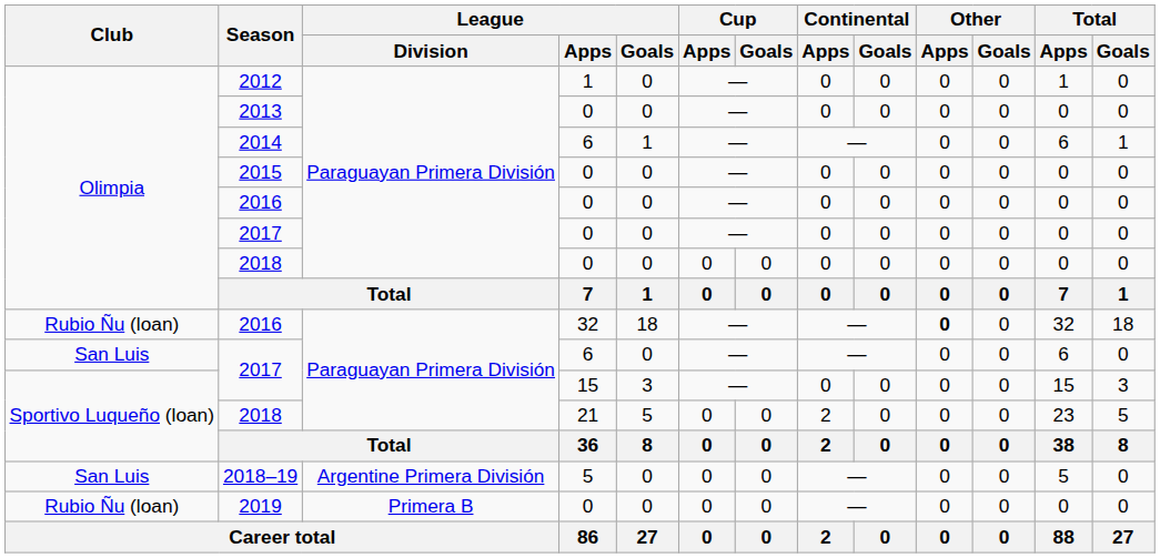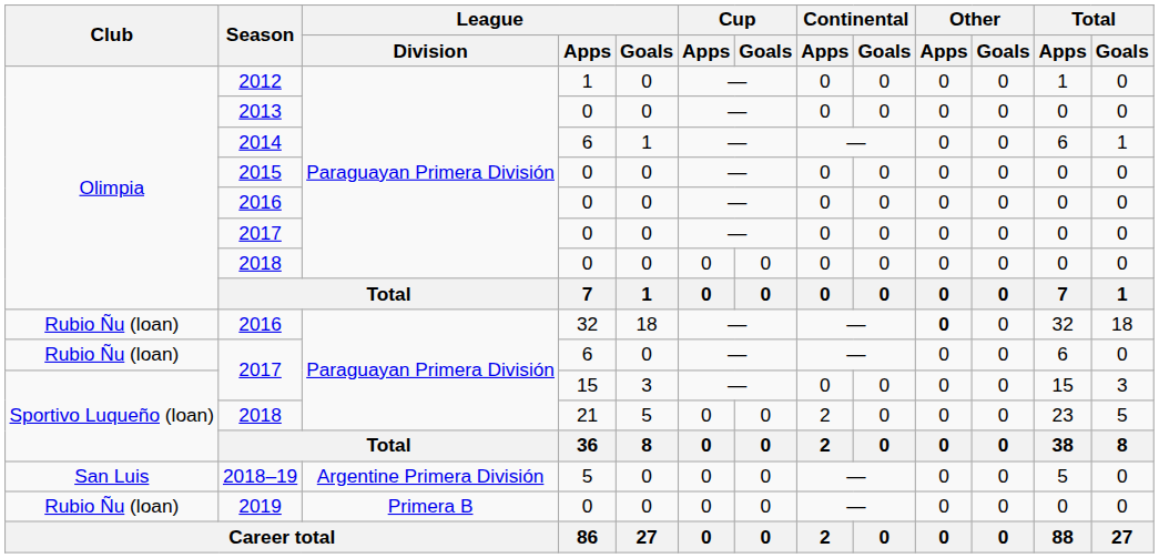 <table class="wikitable" style="text-align:center">
 <tr>
 <th rowspan="2">Club</th>
 <th rowspan="2">Season</th>
 <th colspan="3">League</th>
 <th colspan="2">Cup</th>
 <th colspan="2">Continental</th>
 <th colspan="2">Other</th>
 <th colspan="2">Total</th>
 </tr>
 <tr>
 <th>Division</th>
 <th>Apps</th>
 <th>Goals</th>
 <th>Apps</th>
 <th>Goals</th>
 <th>Apps</th>
 <th>Goals</th>
 <th>Apps</th>
 <th>Goals</th>
 <th>Apps</th>
 <th>Goals</th>
 </tr>
 <tr>
 <td rowspan="8"><a href='#'>Olimpia</a></td>
 <td><a href='#'>2012</a></td>
 <td rowspan="7"><a href='#'>Paraguayan Primera División</a></td>
 <td>1</td>
 <td>0</td>
 <td colspan="2">—</td>
 <td>0</td>
 <td>0</td>
 <td>0</td>
 <td>0</td>
 <td>1</td>
 <td>0</td>
 </tr>
 <tr>
 <td><a href='#'>2013</a></td>
 <td>0</td>
 <td>0</td>
 <td colspan="2">—</td>
 <td>0</td>
 <td>0</td>
 <td>0</td>
 <td>0</td>
 <td>0</td>
 <td>0</td>
 </tr>
 <tr>
 <td><a href='#'>2014</a></td>
 <td>6</td>
 <td>1</td>
 <td colspan="2">—</td>
 <td colspan="2">—</td>
 <td>0</td>
 <td>0</td>
 <td>6</td>
 <td>1</td>
 </tr>
 <tr>
 <td><a href='#'>2015</a></td>
 <td>0</td>
 <td>0</td>
 <td colspan="2">—</td>
 <td>0</td>
 <td>0</td>
 <td>0</td>
 <td>0</td>
 <td>0</td>
 <td>0</td>
 </tr>
 <tr>
 <td><a href='#'>2016</a></td>
 <td>0</td>
 <td>0</td>
 <td colspan="2">—</td>
 <td>0</td>
 <td>0</td>
 <td>0</td>
 <td>0</td>
 <td>0</td>
 <td>0</td>
 </tr>
 <tr>
 <td><a href='#'>2017</a></td>
 <td>0</td>
 <td>0</td>
 <td colspan="2">—</td>
 <td>0</td>
 <td>0</td>
 <td>0</td>
 <td>0</td>
 <td>0</td>
 <td>0</td>
 </tr>
 <tr>
 <td><a href='#'>2018</a></td>
 <td>0</td>
 <td>0</td>
 <td>0</td>
 <td>0</td>
 <td>0</td>
 <td>0</td>
 <td>0</td>
 <td>0</td>
 <td>0</td>
 <td>0</td>
 </tr>
 <tr>
 <th colspan="2">Total</th>
 <th>7</th>
 <th>1</th>
 <th>0</th>
 <th>0</th>
 <th>0</th>
 <th>0</th>
 <th>0</th>
 <th>0</th>
 <th>7</th>
 <th>1</th>
 </tr>
 <tr>
 <td rowspan="1"><a href='#'>Rubio Ñu</a> (loan)</td>
 <td><a href='#'>2016</a></td>
 <td rowspan="4"><a href='#'>Paraguayan Primera División</a></td>
 <td>32</td>
 <td>18</td>
 <td colspan="2">—</td>
 <td colspan="2">—</td>
 <td><strong>0</strong></td>
 <td>0</td>
 <td>32</td>
 <td>18</td>
 </tr>
 <tr>
-<td rowspan="1"><a href='#'>San Luis</a></td>
+<td rowspan="1"><a href='#'>Rubio Ñu</a> (loan)</td>
 <td rowspan="2"><a href='#'>2017</a></td>
 <td>6</td>
 <td>0</td>
 <td colspan="2">—</td>
 <td colspan="2">—</td>
 <td>0</td>
 <td>0</td>
 <td>6</td>
 <td>0</td>
 </tr>
 <tr>
 <td rowspan="3"><a href='#'>Sportivo Luqueño</a> (loan)</td>
 <td>15</td>
 <td>3</td>
 <td colspan="2">—</td>
 <td>0</td>
 <td>0</td>
 <td>0</td>
 <td>0</td>
 <td>15</td>
 <td>3</td>
 </tr>
 <tr>
 <td><a href='#'>2018</a></td>
 <td>21</td>
 <td>5</td>
 <td>0</td>
 <td>0</td>
 <td>2</td>
 <td>0</td>
 <td>0</td>
 <td>0</td>
 <td>23</td>
 <td>5</td>
 </tr>
 <tr>
 <th colspan="2">Total</th>
 <th>36</th>
 <th>8</th>
 <th>0</th>
 <th>0</th>
 <th>2</th>
 <th>0</th>
 <th>0</th>
 <th>0</th>
 <th>38</th>
 <th>8</th>
 </tr>
 <tr>
 <td rowspan="1"><a href='#'>San Luis</a></td>
 <td><a href='#'>2018–19</a></td>
 <td rowspan="1"><a href='#'>Argentine Primera División</a></td>
 <td>5</td>
 <td>0</td>
 <td>0</td>
 <td>0</td>
 <td colspan="2">—</td>
 <td>0</td>
 <td>0</td>
 <td>5</td>
 <td>0</td>
 </tr>
 <tr>
 <td rowspan="1"><a href='#'>Rubio Ñu</a> (loan)</td>
 <td><a href='#'>2019</a></td>
 <td rowspan="1"><a href='#'>Primera B</a></td>
 <td>0</td>
 <td>0</td>
 <td>0</td>
 <td>0</td>
 <td colspan="2">—</td>
 <td>0</td>
 <td>0</td>
 <td>0</td>
 <td>0</td>
 </tr>
 <tr>
 <th colspan="3">Career total</th>
 <th>86</th>
 <th>27</th>
 <th>0</th>
 <th>0</th>
 <th>2</th>
 <th>0</th>
 <th>0</th>
 <th>0</th>
 <th>88</th>
 <th>27</th>
 </tr>
 </table>
